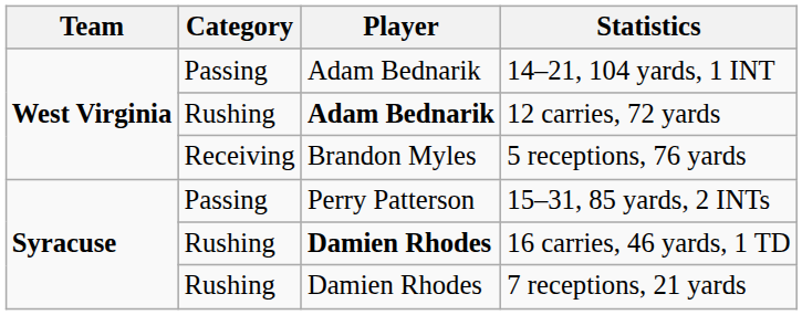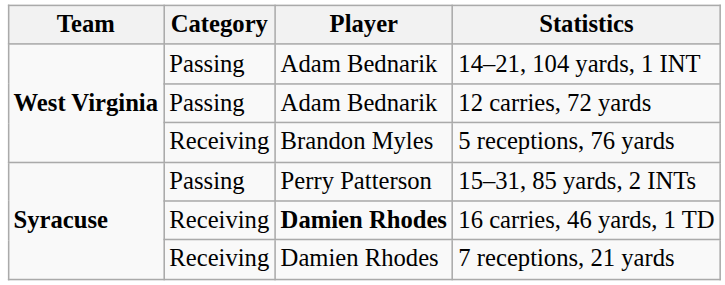 <table class="wikitable" style="float: right;">
 <tr>
 <th>Team</th>
 <th>Category</th>
 <th>Player</th>
 <th>Statistics</th>
 </tr>
 <tr>
 <td rowspan=3><strong>West Virginia</strong></td>
 <td>Passing</td>
 <td>Adam Bednarik</td>
 <td>14–21, 104 yards, 1 INT</td>
 </tr>
 <tr>
-<td>Rushing</td>
-<td><strong>Adam Bednarik</strong></td>
+<td>Passing</td>
+<td>Adam Bednarik</td>
 <td>12 carries, 72 yards</td>
 </tr>
 <tr>
 <td>Receiving</td>
 <td>Brandon Myles</td>
 <td>5 receptions, 76 yards</td>
 </tr>
 <tr>
 <td rowspan=3><strong>Syracuse</strong></td>
 <td>Passing</td>
 <td>Perry Patterson</td>
 <td>15–31, 85 yards, 2 INTs</td>
 </tr>
 <tr>
-<td>Rushing</td>
+<td>Receiving</td>
 <td><strong>Damien Rhodes</strong></td>
 <td>16 carries, 46 yards, 1 TD</td>
 </tr>
 <tr>
-<td>Rushing</td>
+<td>Receiving</td>
 <td>Damien Rhodes</td>
 <td>7 receptions, 21 yards</td>
 </tr>
 </table>
